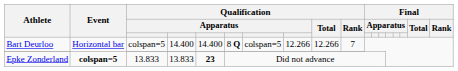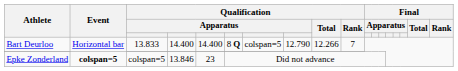 <table class="wikitable" style="font-size:90%">
 <tr>
 <th rowspan=3>Athlete</th>
 <th rowspan=3>Event</th>
 <th colspan =8>Qualification</th>
 <th colspan =8>Final</th>
 </tr>
 <tr style="font-size:95%">
 <th colspan=6>Apparatus</th>
 <th rowspan=2>Total</th>
 <th rowspan=2>Rank</th>
 <th colspan=6>Apparatus</th>
 <th rowspan=2>Total</th>
 <th rowspan=2>Rank</th>
 </tr>
 <tr style="font-size:95%">
 <th></th>
 <th></th>
 <th></th>
 <th></th>
 <th></th>
 <th></th>
 <th></th>
 <th></th>
 <th></th>
 <th></th>
 <th></th>
 <th></th>
 </tr>
 <tr align=center>
 <td align=left><a href='#'>Bart Deurloo</a></td>
 <td align=left rowspan=2><a href='#'>Horizontal bar</a></td>
-<td>colspan=5 </td>
+<td>13.833</td>
 <td>14.400</td>
 <td>14.400</td>
 <td>8 <strong>Q</strong></td>
 <td>colspan=5 </td>
-<td>12.266</td>
+<td>12.790</td>
 <td>12.266</td>
 <td>7</td>
 </tr>
 <tr>
 </tr>
 <tr align=center>
 <td align=left><a href='#'>Epke Zonderland</a></td>
 <td><strong>colspan=5 </strong></td>
-<td>13.833</td>
-<td>13.833</td>
-<td><strong>23</strong></td>
+<td>colspan=5 </td>
+<td>13.846</td>
+<td>23</td>
 <td colspan=8>Did not advance</td>
 </tr>
 </table>
